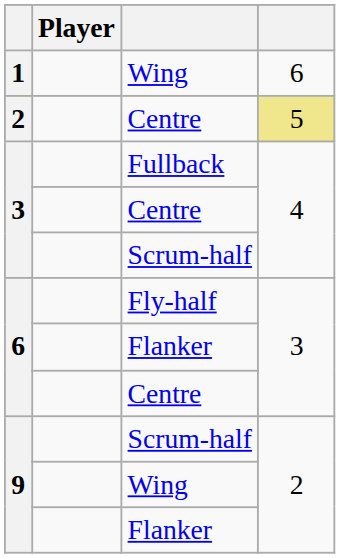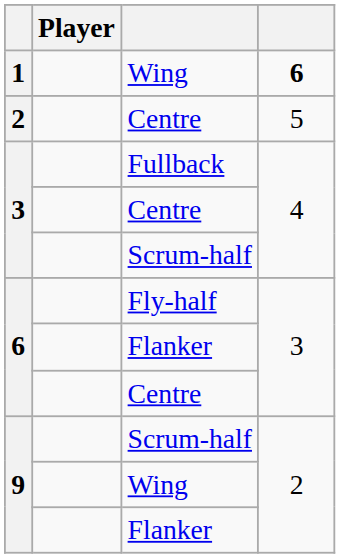 <table class="wikitable" style="font-size:95%;">
 <tr>
 <th></th>
 <th>Player</th>
 <th></th>
 <th width=35></th>
 </tr>
 <tr>
 <th align=center>1</th>
 <td align=left> </td>
 <td align=left><a href='#'>Wing</a></td>
-<td align=center>6</td>
+<td align=center><strong>6</strong></td>
 </tr>
 <tr>
 <th align=center>2</th>
 <td align=left> </td>
 <td align=left><a href='#'>Centre</a></td>
-<td align=center style="background: khaki;">5</td>
+<td align=center>5</td>
 </tr>
 <tr>
 <th align=center rowspan=3>3</th>
 <td align=left> </td>
 <td align=left><a href='#'>Fullback</a></td>
 <td align=center rowspan=3>4</td>
 </tr>
 <tr>
 <td align=left> </td>
 <td align=left><a href='#'>Centre</a></td>
 </tr>
 <tr>
 <td align=left> </td>
 <td align=left><a href='#'>Scrum-half</a></td>
 </tr>
 <tr>
 <th align=center rowspan=3>6</th>
 <td align=left> </td>
 <td align=left><a href='#'>Fly-half</a></td>
 <td align=center rowspan=3>3</td>
 </tr>
 <tr>
 <td align=left> </td>
 <td align=left><a href='#'>Flanker</a></td>
 </tr>
 <tr>
 <td align=left> </td>
 <td align=left><a href='#'>Centre</a></td>
 </tr>
 <tr>
 <th align=center rowspan=3>9</th>
 <td align=left> </td>
 <td align=left><a href='#'>Scrum-half</a></td>
 <td align=center rowspan=3>2</td>
 </tr>
 <tr>
 <td align=left> </td>
 <td align=left><a href='#'>Wing</a></td>
 </tr>
 <tr>
 <td align=left> </td>
 <td align=left><a href='#'>Flanker</a></td>
 </tr>
 </table>
